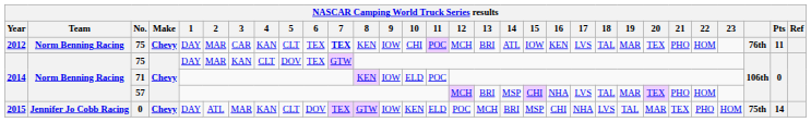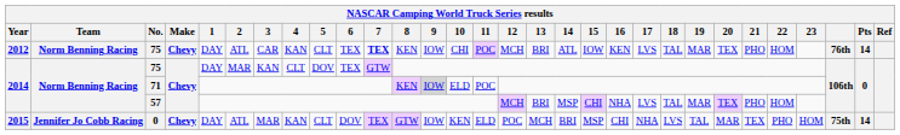 <table class="wikitable" style="text-align:center; font-size:75%">
 <tr>
 <th colspan=30><a href='#'>NASCAR Camping World Truck Series</a> results</th>
 </tr>
 <tr>
 <th>Year</th>
 <th>Team</th>
 <th>No.</th>
 <th>Make</th>
 <th>1</th>
 <th>2</th>
 <th>3</th>
 <th>4</th>
 <th>5</th>
 <th>6</th>
 <th>7</th>
 <th>8</th>
 <th>9</th>
 <th>10</th>
 <th>11</th>
 <th>12</th>
 <th>13</th>
 <th>14</th>
 <th>15</th>
 <th>16</th>
 <th>17</th>
 <th>18</th>
 <th>19</th>
 <th>20</th>
 <th>21</th>
 <th>22</th>
 <th>23</th>
 <th></th>
 <th>Pts</th>
 <th>Ref</th>
 </tr>
 <tr>
 <th><a href='#'>2012</a></th>
 <th><a href='#'>Norm Benning Racing</a></th>
 <th>75</th>
 <th><a href='#'>Chevy</a></th>
 <td><a href='#'>DAY</a></td>
-<td><a href='#'>MAR</a></td>
+<td><a href='#'>ATL</a></td>
 <td><a href='#'>CAR</a></td>
 <td><a href='#'>KAN</a></td>
 <td><a href='#'>CLT</a></td>
 <td><a href='#'>TEX</a></td>
 <td><strong><a href='#'>TEX</a></strong></td>
 <td><a href='#'>KEN</a></td>
 <td><a href='#'>IOW</a></td>
 <td><a href='#'>CHI</a></td>
 <td style="background:#EFCFFF;"><a href='#'>POC</a><br></td>
 <td><a href='#'>MCH</a></td>
 <td><a href='#'>BRI</a></td>
 <td><a href='#'>ATL</a></td>
 <td><a href='#'>IOW</a></td>
 <td><a href='#'>KEN</a></td>
 <td><a href='#'>LVS</a></td>
 <td><a href='#'>TAL</a></td>
 <td><a href='#'>MAR</a></td>
 <td><a href='#'>TEX</a></td>
 <td><a href='#'>PHO</a></td>
 <td><a href='#'>HOM</a></td>
 <td></td>
 <th>76th</th>
-<th>11</th>
+<th>14</th>
 <th></th>
 </tr>
 <tr>
 <th rowspan=3><a href='#'>2014</a></th>
 <th rowspan=3><a href='#'>Norm Benning Racing</a></th>
 <th>75</th>
 <th rowspan=3><a href='#'>Chevy</a></th>
 <td><a href='#'>DAY</a></td>
 <td><a href='#'>MAR</a></td>
 <td><a href='#'>KAN</a></td>
 <td><a href='#'>CLT</a></td>
 <td><a href='#'>DOV</a></td>
 <td><a href='#'>TEX</a></td>
 <td style="background:#EFCFFF;"><a href='#'>GTW</a><br></td>
 <td colspan=16></td>
 <th rowspan=3>106th</th>
 <th rowspan=3>0</th>
 <th rowspan=3></th>
 </tr>
 <tr>
 <th>71</th>
 <td colspan=7></td>
 <td style="background:#EFCFFF;"><a href='#'>KEN</a><br></td>
-<td><a href='#'>IOW</a></td>
+<td style="background: lightgrey;"><a href='#'>IOW</a></td>
 <td><a href='#'>ELD</a></td>
 <td><a href='#'>POC</a></td>
 <td colspan=12></td>
 </tr>
 <tr>
 <th>57</th>
 <td colspan=11></td>
 <td style="background:#EFCFFF;"><a href='#'>MCH</a><br></td>
 <td><a href='#'>BRI</a></td>
 <td><a href='#'>MSP</a></td>
 <td style="background:#EFCFFF;"><a href='#'>CHI</a><br></td>
 <td><a href='#'>NHA</a></td>
 <td><a href='#'>LVS</a></td>
 <td><a href='#'>TAL</a></td>
 <td><a href='#'>MAR</a></td>
 <td style="background:#EFCFFF;"><a href='#'>TEX</a><br></td>
 <td><a href='#'>PHO</a></td>
 <td><a href='#'>HOM</a></td>
 <td></td>
 </tr>
 <tr>
 <th><a href='#'>2015</a></th>
 <th><a href='#'>Jennifer Jo Cobb Racing</a></th>
 <th>0</th>
 <th><a href='#'>Chevy</a></th>
 <td><a href='#'>DAY</a></td>
 <td><a href='#'>ATL</a></td>
 <td><a href='#'>MAR</a></td>
 <td><a href='#'>KAN</a></td>
 <td><a href='#'>CLT</a></td>
 <td><a href='#'>DOV</a></td>
 <td style="background:#EFCFFF;"><a href='#'>TEX</a><br></td>
 <td style="background:#EFCFFF;"><a href='#'>GTW</a><br></td>
 <td><a href='#'>IOW</a></td>
 <td><a href='#'>KEN</a></td>
 <td><a href='#'>ELD</a></td>
 <td><a href='#'>POC</a></td>
 <td><a href='#'>MCH</a></td>
 <td><a href='#'>BRI</a></td>
 <td><a href='#'>MSP</a></td>
 <td><a href='#'>CHI</a></td>
 <td><a href='#'>NHA</a></td>
 <td><a href='#'>LVS</a></td>
 <td><a href='#'>TAL</a></td>
 <td><a href='#'>MAR</a></td>
 <td><a href='#'>TEX</a></td>
 <td><a href='#'>PHO</a></td>
 <td><a href='#'>HOM</a></td>
 <th>75th</th>
 <th>14</th>
 <th></th>
 </tr>
 </table>
